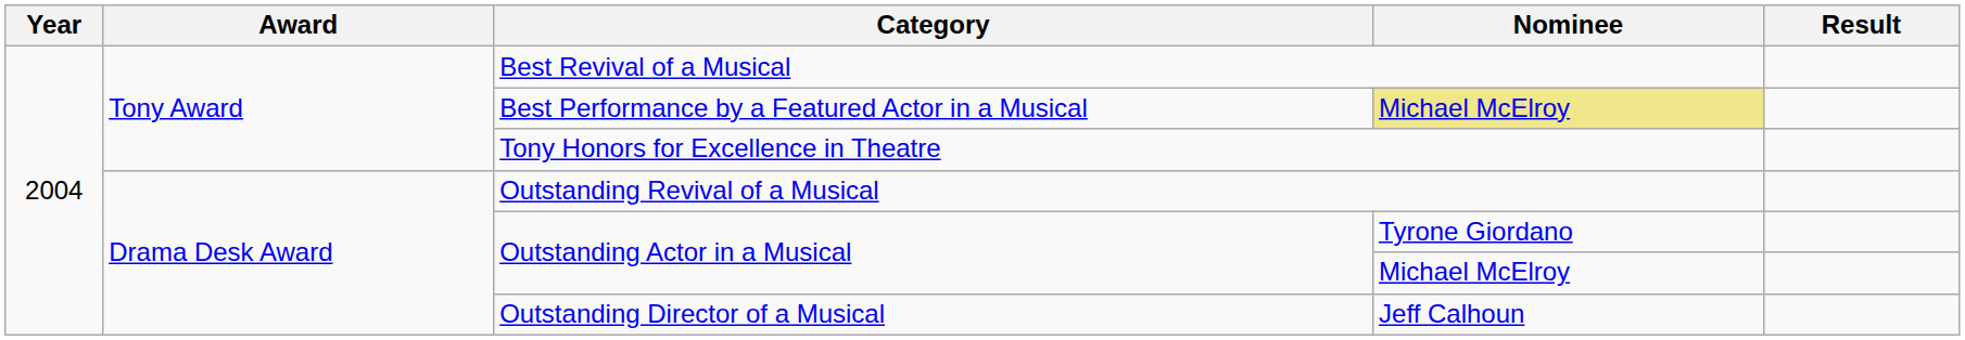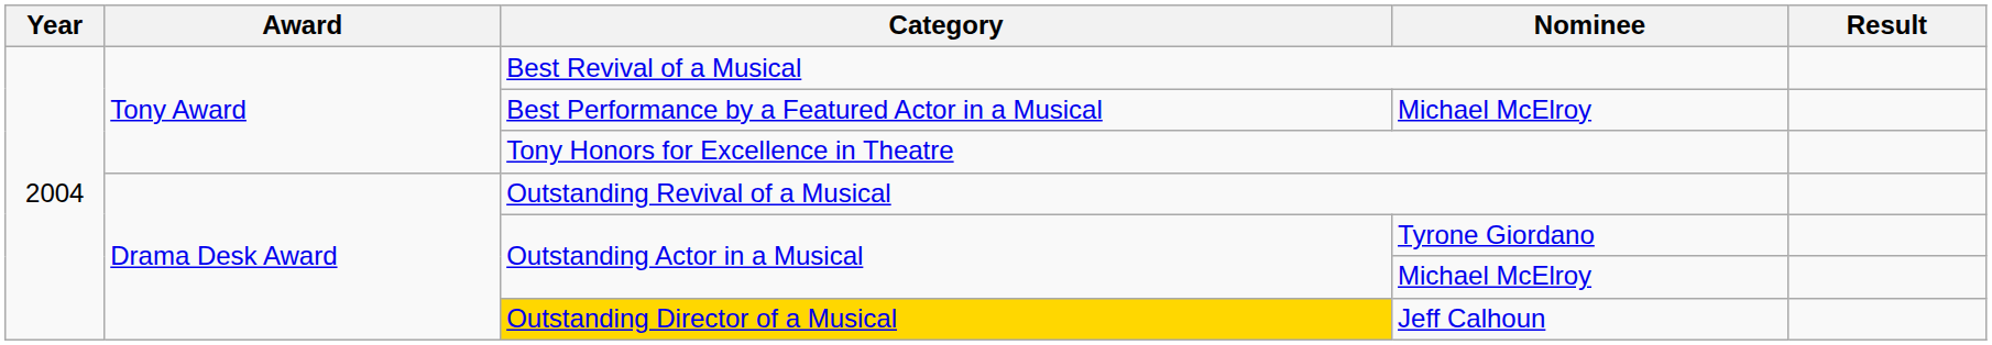 <table class="wikitable" width="95%">
 <tr>
 <th width="5%">Year</th>
 <th width="20%">Award</th>
 <th width="45%">Category</th>
 <th width="20%">Nominee</th>
 <th width="10%">Result</th>
 </tr>
 <tr>
 <td rowspan="7" align="center">2004</td>
 <td rowspan="3"><a href='#'>Tony Award</a></td>
 <td colspan="2"><a href='#'>Best Revival of a Musical</a></td>
 <td></td>
 </tr>
 <tr>
 <td><a href='#'>Best Performance by a Featured Actor in a Musical</a></td>
-<td style="background: khaki;"><a href='#'>Michael McElroy</a></td>
+<td><a href='#'>Michael McElroy</a></td>
 <td></td>
 </tr>
 <tr>
 <td colspan="2"><a href='#'>Tony Honors for Excellence in Theatre</a></td>
 <td></td>
 </tr>
 <tr>
 <td rowspan="4"><a href='#'>Drama Desk Award</a></td>
 <td colspan="2"><a href='#'>Outstanding Revival of a Musical</a></td>
 <td></td>
 </tr>
 <tr>
 <td rowspan="2"><a href='#'>Outstanding Actor in a Musical</a></td>
 <td><a href='#'>Tyrone Giordano</a></td>
 <td></td>
 </tr>
 <tr>
 <td><a href='#'>Michael McElroy</a></td>
 <td></td>
 </tr>
 <tr>
-<td><a href='#'>Outstanding Director of a Musical</a></td>
+<td style="background: gold;"><a href='#'>Outstanding Director of a Musical</a></td>
 <td><a href='#'>Jeff Calhoun</a></td>
 <td></td>
 </tr>
 </table>
